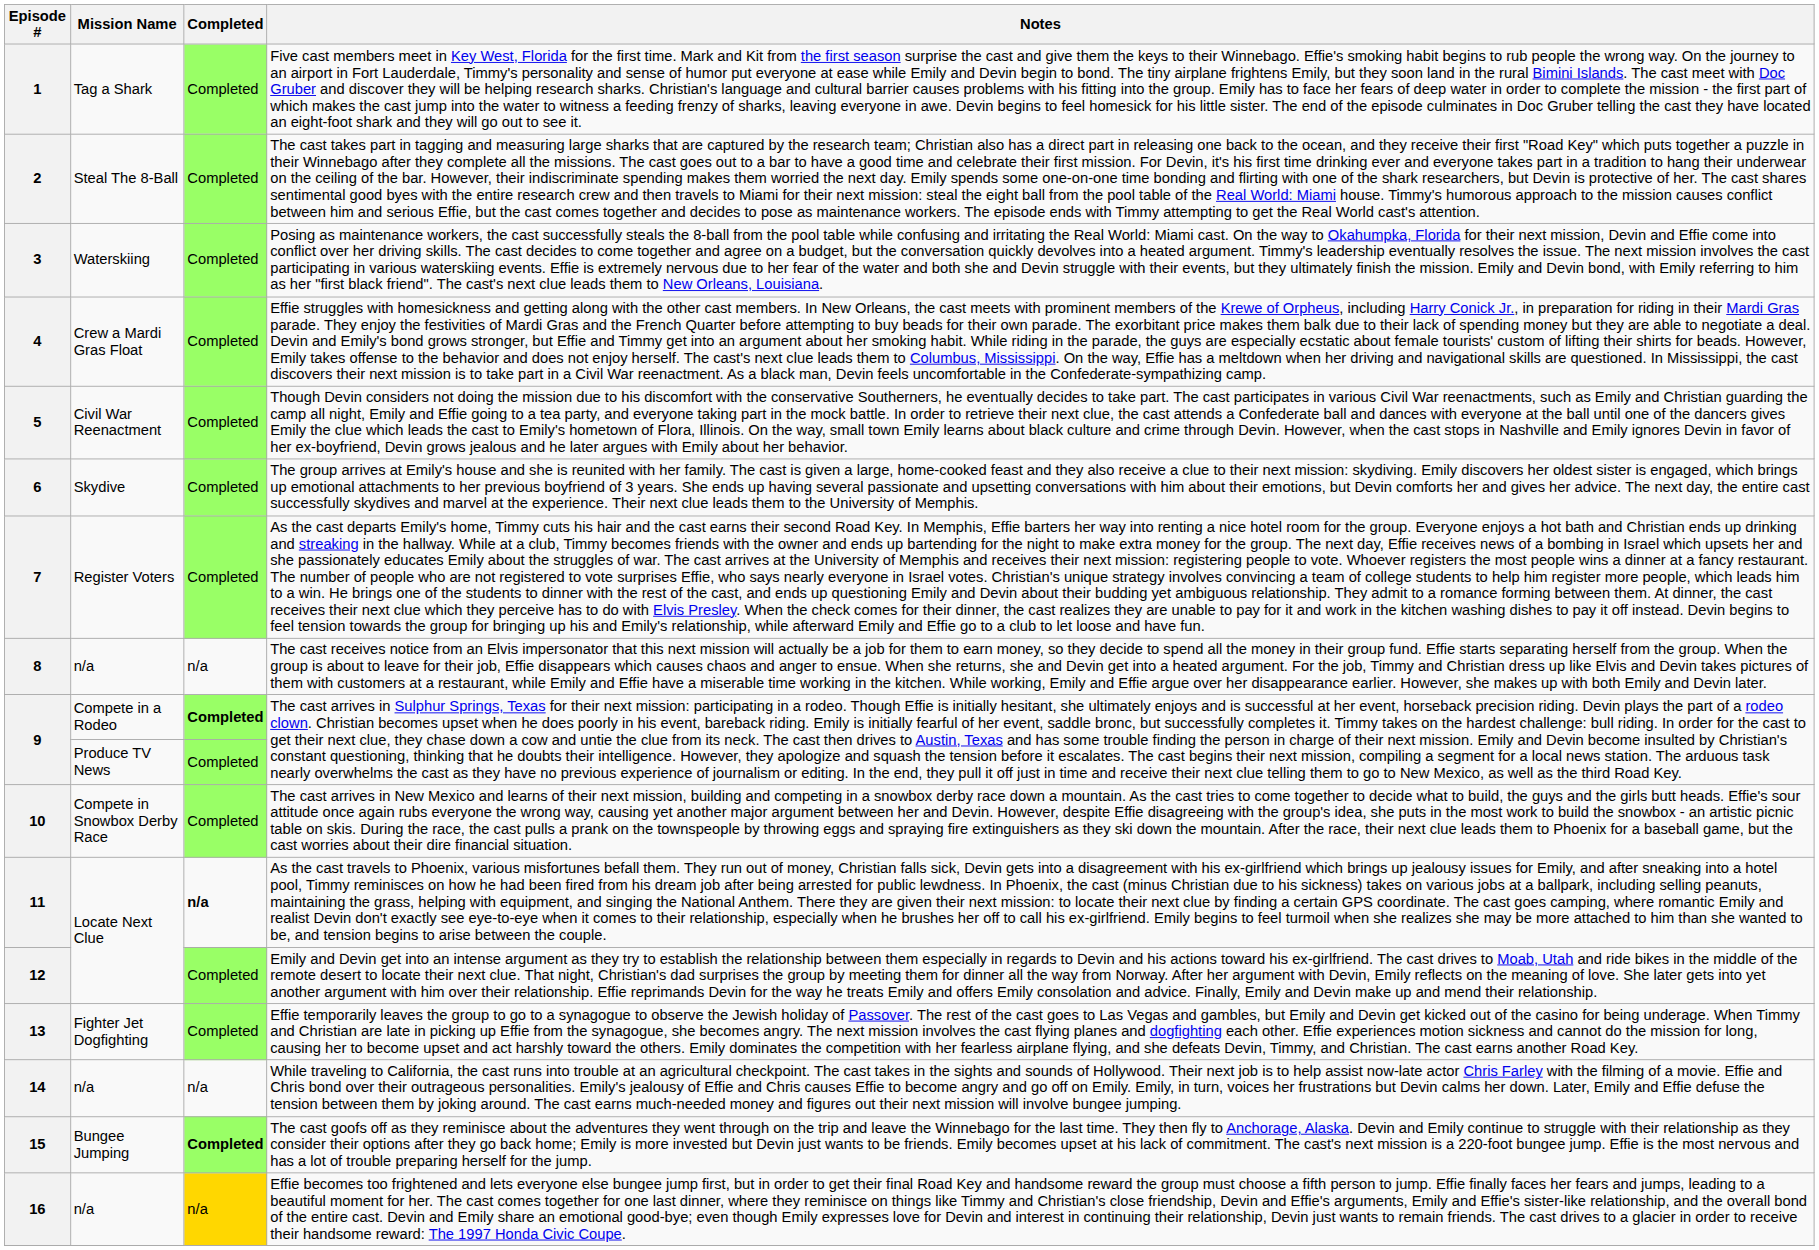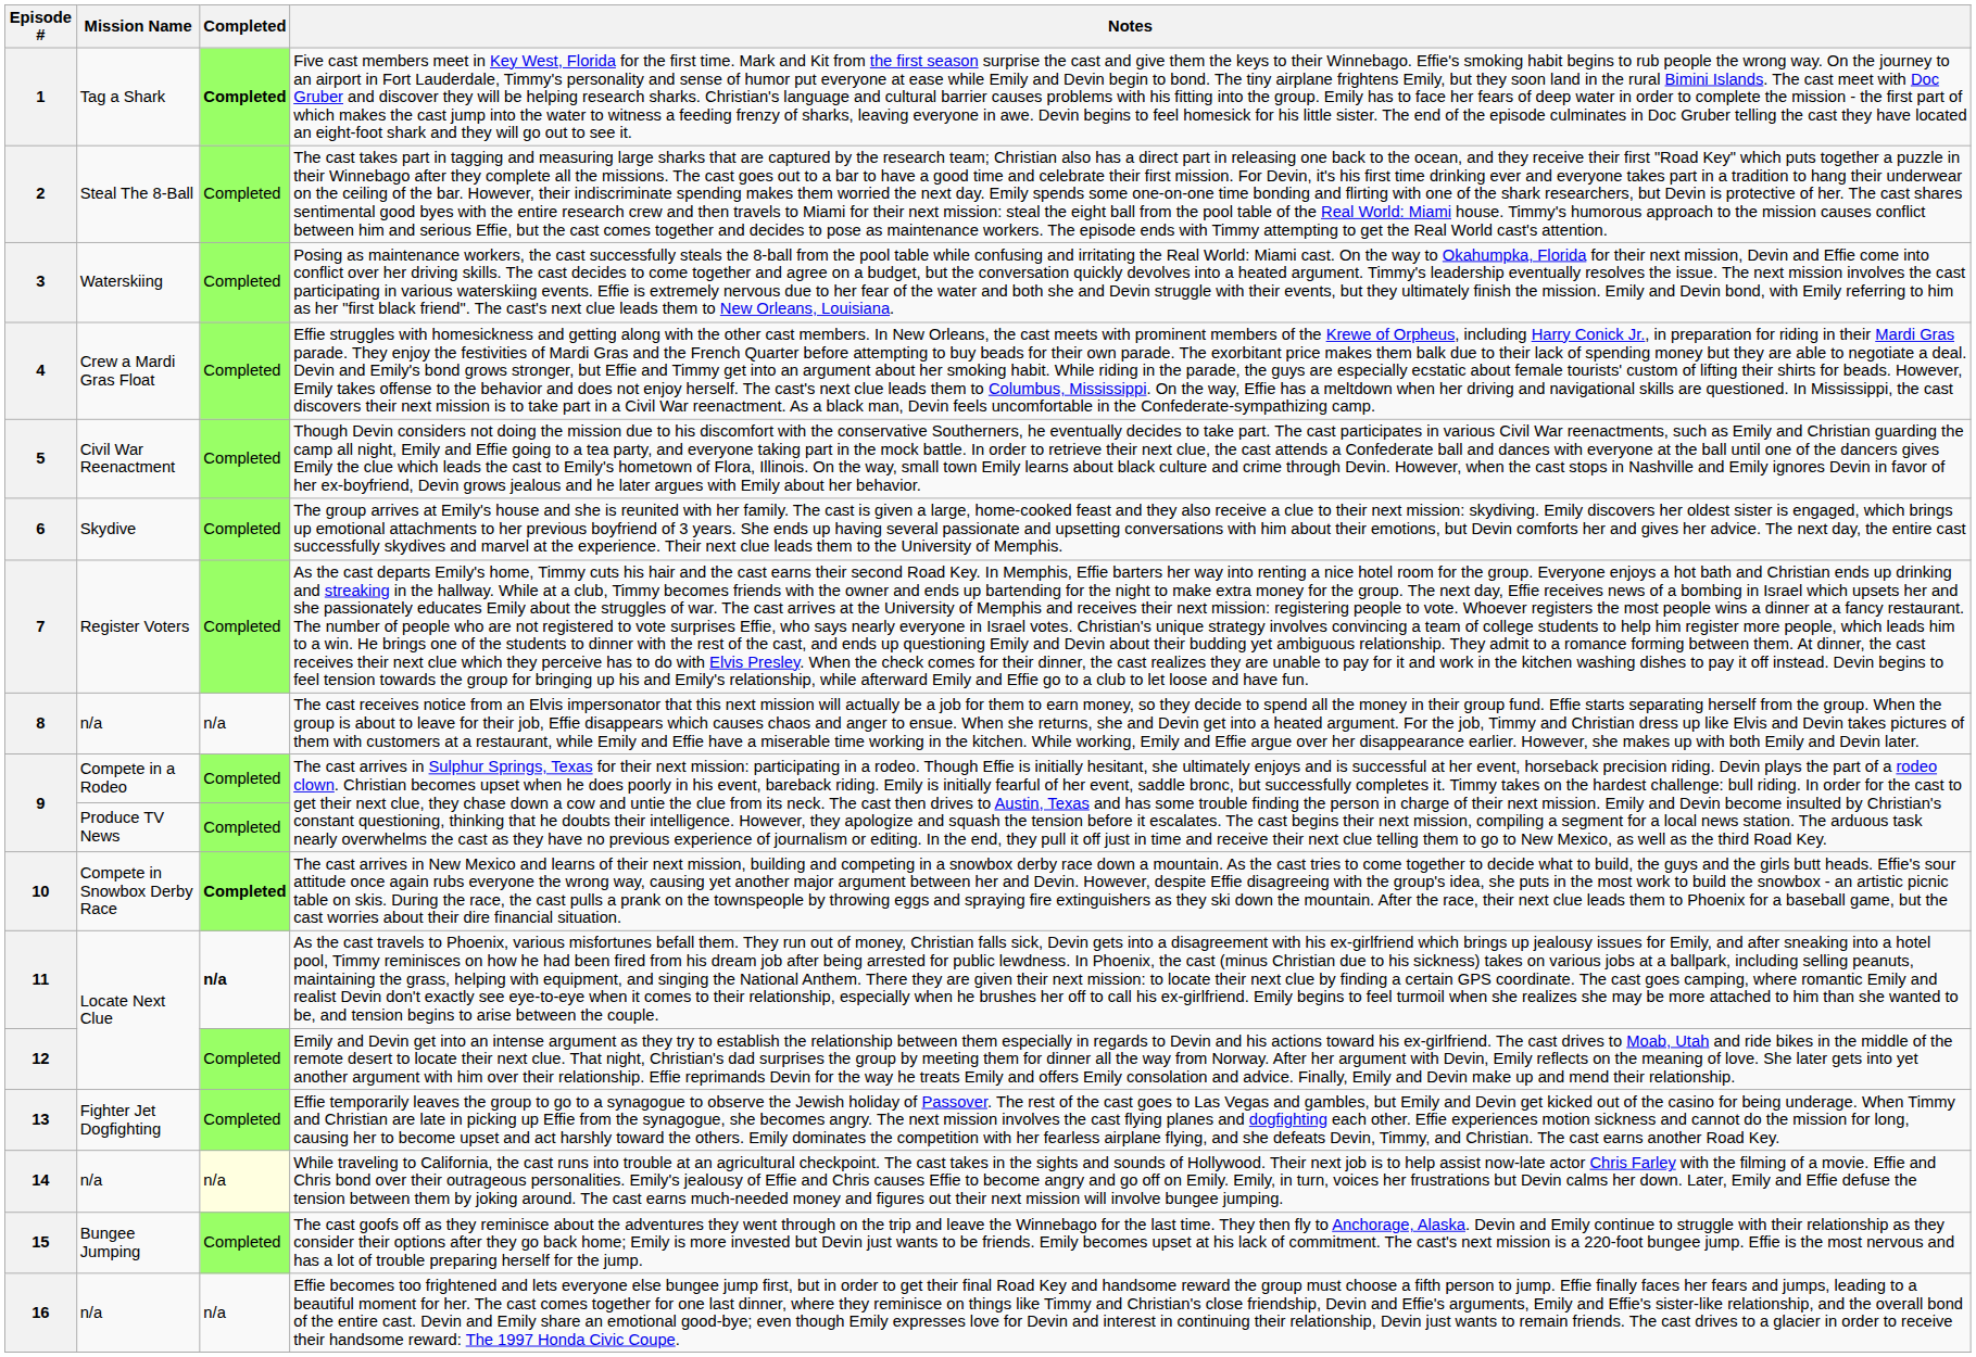 <table class="wikitable">
 <tr>
 <th>Episode #</th>
 <th>Mission Name</th>
 <th>Completed</th>
 <th>Notes</th>
 </tr>
 <tr>
 <th>1</th>
 <td>Tag a Shark</td>
-<td bgcolor="#99FF66">Completed</td>
+<td bgcolor="#99FF66"><strong>Completed</strong></td>
 <td>Five cast members meet in <a href='#'>Key West, Florida</a> for the first time. Mark and Kit from <a href='#'>the first season</a> surprise the cast and give them the keys to their Winnebago. Effie's smoking habit begins to rub people the wrong way. On the journey to an airport in Fort Lauderdale, Timmy's personality and sense of humor put everyone at ease while Emily and Devin begin to bond. The tiny airplane frightens Emily, but they soon land in the rural <a href='#'>Bimini Islands</a>. The cast meet with <a href='#'>Doc Gruber</a> and discover they will be helping research sharks. Christian's language and cultural barrier causes problems with his fitting into the group. Emily has to face her fears of deep water in order to complete the mission - the first part of which makes the cast jump into the water to witness a feeding frenzy of sharks, leaving everyone in awe. Devin begins to feel homesick for his little sister. The end of the episode culminates in Doc Gruber telling the cast they have located an eight-foot shark and they will go out to see it.</td>
 </tr>
 <tr>
 <th>2</th>
 <td>Steal The 8-Ball</td>
 <td bgcolor="#99FF66">Completed</td>
 <td>The cast takes part in tagging and measuring large sharks that are captured by the research team; Christian also has a direct part in releasing one back to the ocean, and they receive their first "Road Key" which puts together a puzzle in their Winnebago after they complete all the missions. The cast goes out to a bar to have a good time and celebrate their first mission. For Devin, it's his first time drinking ever and everyone takes part in a tradition to hang their underwear on the ceiling of the bar. However, their indiscriminate spending makes them worried the next day. Emily spends some one-on-one time bonding and flirting with one of the shark researchers, but Devin is protective of her. The cast shares sentimental good byes with the entire research crew and then travels to Miami for their next mission: steal the eight ball from the pool table of the <a href='#'>Real World: Miami</a> house. Timmy's humorous approach to the mission causes conflict between him and serious Effie, but the cast comes together and decides to pose as maintenance workers. The episode ends with Timmy attempting to get the Real World cast's attention.</td>
 </tr>
 <tr>
 <th>3</th>
 <td>Waterskiing</td>
 <td bgcolor="#99FF66">Completed</td>
 <td>Posing as maintenance workers, the cast successfully steals the 8-ball from the pool table while confusing and irritating the Real World: Miami cast. On the way to <a href='#'>Okahumpka, Florida</a> for their next mission, Devin and Effie come into conflict over her driving skills. The cast decides to come together and agree on a budget, but the conversation quickly devolves into a heated argument. Timmy's leadership eventually resolves the issue. The next mission involves the cast participating in various waterskiing events. Effie is extremely nervous due to her fear of the water and both she and Devin struggle with their events, but they ultimately finish the mission. Emily and Devin bond, with Emily referring to him as her "first black friend". The cast's next clue leads them to <a href='#'>New Orleans, Louisiana</a>.</td>
 </tr>
 <tr>
 <th>4</th>
 <td>Crew a Mardi Gras Float</td>
 <td bgcolor="#99FF66">Completed</td>
 <td>Effie struggles with homesickness and getting along with the other cast members. In New Orleans, the cast meets with prominent members of the <a href='#'>Krewe of Orpheus</a>, including <a href='#'>Harry Conick Jr.</a>, in preparation for riding in their <a href='#'>Mardi Gras</a> parade. They enjoy the festivities of Mardi  Gras and the French Quarter before attempting to buy beads for their own parade. The exorbitant price makes them balk due to their lack of spending money but they are able to negotiate a deal. Devin and Emily's bond grows stronger, but Effie and Timmy get into an argument about her smoking habit. While riding in the parade, the guys are especially ecstatic about female tourists' custom of lifting their shirts for beads. However, Emily takes offense to the behavior and does not enjoy herself. The cast's next clue leads them to <a href='#'>Columbus, Mississippi</a>. On the way, Effie has a meltdown when her driving and navigational skills are questioned. In Mississippi, the cast discovers their next mission is to take part in a Civil War reenactment. As a black man, Devin feels uncomfortable in the Confederate-sympathizing camp.</td>
 </tr>
 <tr>
 <th>5</th>
 <td>Civil War Reenactment</td>
 <td bgcolor="#99FF66">Completed</td>
 <td>Though Devin considers not doing the mission due to his discomfort with the conservative Southerners, he eventually decides to take part. The cast participates in various Civil War reenactments, such as Emily and Christian guarding the camp all night, Emily and Effie going to a tea party, and everyone taking part in the mock battle. In order to retrieve their next clue, the cast attends a Confederate ball and dances with everyone at the ball until one of the dancers gives Emily the clue which leads the cast to Emily's hometown of Flora, Illinois. On the way, small town Emily learns about black culture and crime through Devin. However, when the cast stops in Nashville and Emily ignores Devin in favor of her ex-boyfriend, Devin grows jealous and he later argues with Emily about her behavior.</td>
 </tr>
 <tr>
 <th>6</th>
 <td>Skydive</td>
 <td bgcolor="#99FF66">Completed</td>
 <td>The group arrives at Emily's house and she is reunited with her family. The cast is given a large, home-cooked feast and they also receive a clue to their next mission: skydiving. Emily discovers her oldest sister is engaged, which brings up emotional attachments to her previous boyfriend of 3 years. She ends up having several passionate and upsetting conversations with him about their emotions, but Devin comforts her and gives her advice. The next day, the entire cast successfully skydives and marvel at the experience. Their next clue leads them to the University of Memphis.</td>
 </tr>
 <tr>
 <th>7</th>
 <td>Register Voters</td>
 <td bgcolor="#99FF66">Completed</td>
 <td>As the cast departs Emily's home, Timmy cuts his hair and the cast earns their second Road Key. In Memphis, Effie barters her way into renting a nice hotel room for the group. Everyone enjoys a hot bath and Christian ends up drinking and <a href='#'>streaking</a> in the hallway. While at a club, Timmy becomes friends with the owner and ends up bartending for the night to make extra money for the group. The next day, Effie receives news of a bombing in Israel which upsets her and she passionately educates Emily about the struggles of war. The cast arrives at the University of Memphis and receives their next mission: registering people to vote. Whoever registers the most people wins a dinner at a fancy restaurant. The  number of people who are not registered to vote surprises Effie, who says nearly everyone in Israel votes. Christian's unique strategy involves convincing a team of college students to help him register more people, which leads him to a win. He brings one of the students to dinner with the rest of the cast, and ends up questioning Emily and Devin about their budding yet ambiguous relationship. They admit to a romance forming between them. At dinner, the cast receives their next clue which they perceive has to do with <a href='#'>Elvis Presley</a>. When the check comes for their dinner, the cast realizes they are unable to pay for it and work in the kitchen washing dishes to pay it off instead. Devin begins to feel tension towards the group for bringing up his and Emily's relationship, while afterward Emily and Effie go to a club to let loose and have fun.</td>
 </tr>
 <tr>
 <th>8</th>
 <td>n/a</td>
 <td>n/a</td>
 <td>The cast receives notice from an Elvis impersonator that this next mission will actually be a job for them to earn money, so they decide to spend all the money in their group fund. Effie starts separating herself from the group. When the group is about to leave for their job, Effie disappears which causes chaos and anger to ensue. When she returns, she and Devin get into a heated argument. For the job, Timmy and Christian dress up like Elvis and Devin takes pictures of them with customers at a restaurant, while Emily and Effie have a miserable time working in the kitchen. While working, Emily and Effie argue over her disappearance earlier. However, she makes up with both Emily and Devin later.</td>
 </tr>
 <tr>
 <th rowspan="2">9</th>
 <td>Compete in a Rodeo</td>
-<td bgcolor="#99FF66"><strong>Completed</strong></td>
+<td bgcolor="#99FF66">Completed</td>
 <td rowspan="2">The cast arrives in <a href='#'>Sulphur Springs, Texas</a> for their next mission: participating in a rodeo. Though Effie is initially hesitant, she ultimately enjoys and is successful at her event, horseback precision riding. Devin plays the part of a <a href='#'>rodeo clown</a>. Christian becomes upset when he does poorly in his event, bareback riding. Emily is initially fearful of her event, saddle bronc, but successfully completes it. Timmy takes on the hardest challenge: bull riding. In order for the cast to get their next clue, they chase down a cow and untie the clue from its neck. The cast then drives to <a href='#'>Austin, Texas</a> and has some trouble finding the person in charge of their next mission. Emily and Devin become insulted by Christian's constant questioning, thinking that he doubts their intelligence. However, they apologize and squash the tension before it escalates. The cast begins their next mission, compiling a segment for a local news station. The arduous task nearly overwhelms the cast as they have no previous experience of journalism or editing. In the end, they pull it off just in time and receive their next clue telling them to go to New Mexico, as well as the third Road Key.</td>
 </tr>
 <tr>
 <td>Produce TV News</td>
 <td bgcolor="#99FF66">Completed</td>
 </tr>
 <tr>
 <th>10</th>
 <td>Compete in Snowbox Derby Race</td>
-<td bgcolor="#99FF66">Completed</td>
+<td bgcolor="#99FF66"><strong>Completed</strong></td>
 <td>The cast arrives in New Mexico and learns of their next mission, building and competing in a snowbox derby race down a mountain. As the cast tries to come together to decide what to build, the guys and the girls butt heads. Effie's sour attitude once again rubs everyone the wrong way, causing yet another major argument between her and Devin. However, despite Effie disagreeing with the group's idea, she puts in the most work to build the snowbox - an artistic picnic table on skis. During the race, the cast pulls a prank on the townspeople by throwing eggs and spraying fire extinguishers as they ski down the mountain. After the race, their next clue leads them to Phoenix for a baseball game, but the cast worries about their dire financial situation.</td>
 </tr>
 <tr>
 <th>11</th>
 <td rowspan="2">Locate Next Clue</td>
 <td><strong>n/a</strong></td>
 <td>As the cast travels to Phoenix, various misfortunes befall them. They run out of money, Christian falls sick, Devin gets into a disagreement with his ex-girlfriend which brings up jealousy issues for Emily, and after sneaking into a hotel pool, Timmy reminisces on how he had been fired from his dream job after being arrested for public lewdness. In Phoenix, the cast (minus Christian due to his sickness) takes on various jobs at a ballpark, including selling peanuts, maintaining the grass, helping with equipment, and singing the National Anthem. There they are given their next mission: to locate their next clue by finding a certain GPS coordinate. The cast goes camping, where romantic Emily and realist Devin don't exactly see eye-to-eye when it comes to their relationship, especially when he brushes her off to call his ex-girlfriend. Emily begins to feel turmoil when she realizes she may be more attached to him than she wanted to be, and tension begins to arise between the couple.</td>
 </tr>
 <tr>
 <th>12</th>
 <td bgcolor="#99FF66">Completed</td>
 <td>Emily and Devin get into an intense argument as they try to establish the relationship between them especially in regards to Devin and his actions toward his ex-girlfriend. The cast drives to <a href='#'>Moab, Utah</a> and ride bikes in the middle of the remote desert to locate their next clue. That night, Christian's dad surprises the group by meeting them for dinner all the way from Norway. After her argument with Devin, Emily reflects on the meaning of love. She later gets into yet another argument with him over their relationship. Effie reprimands Devin for the way he treats Emily and offers Emily consolation and advice. Finally, Emily and Devin make up and mend their relationship.</td>
 </tr>
 <tr>
 <th>13</th>
 <td>Fighter Jet Dogfighting</td>
 <td bgcolor="#99FF66">Completed</td>
 <td>Effie temporarily leaves the group to go to a synagogue to observe the Jewish holiday of <a href='#'>Passover</a>. The rest of the cast goes to Las Vegas and gambles, but Emily and Devin get kicked out of the casino for being underage. When Timmy and Christian are late in picking up Effie from the synagogue, she becomes angry. The next mission involves the cast flying planes and <a href='#'>dogfighting</a> each other. Effie experiences motion sickness and cannot do the mission for long, causing her to become upset and act harshly toward the others. Emily dominates the competition with her fearless airplane flying, and she defeats Devin, Timmy, and Christian. The cast earns another Road Key.</td>
 </tr>
 <tr>
 <th>14</th>
 <td>n/a</td>
-<td>n/a</td>
+<td style="background: lightyellow;">n/a</td>
 <td>While traveling to California, the cast runs into trouble at an agricultural checkpoint. The cast takes in the sights and sounds of Hollywood. Their next job is to help assist now-late actor <a href='#'>Chris Farley</a> with the filming of a movie. Effie and Chris bond over their outrageous personalities. Emily's jealousy of Effie and Chris causes Effie to become angry and go off on Emily. Emily, in turn, voices her frustrations but Devin calms her down. Later, Emily and Effie defuse the tension between them by joking around. The cast earns much-needed money and figures out their next mission will involve bungee jumping.</td>
 </tr>
 <tr>
 <th>15</th>
 <td>Bungee Jumping</td>
-<td bgcolor="#99FF66"><strong>Completed</strong></td>
+<td bgcolor="#99FF66">Completed</td>
 <td>The cast goofs off as they reminisce about the adventures they went through on the trip and leave the Winnebago for the last time. They then fly to <a href='#'>Anchorage, Alaska</a>. Devin and Emily continue to struggle with their relationship as they consider their options after they go back home; Emily is more invested but Devin just wants to be friends. Emily becomes upset at his lack of commitment. The cast's next mission is a 220-foot bungee jump. Effie is the most nervous and has a lot of trouble preparing herself for the jump.</td>
 </tr>
 <tr>
 <th>16</th>
 <td>n/a</td>
-<td style="background: gold;">n/a</td>
+<td>n/a</td>
 <td>Effie becomes too frightened and lets everyone else bungee jump first, but in order to get their final Road Key and handsome reward the group must choose a fifth person to jump. Effie finally faces her fears and jumps, leading to a beautiful moment for her. The cast comes together for one last dinner, where they reminisce on things like Timmy and Christian's close friendship, Devin and Effie's arguments, Emily and Effie's sister-like relationship, and the overall bond of the entire cast. Devin and Emily share an emotional good-bye; even though Emily expresses love for Devin and interest in continuing their relationship, Devin just wants to remain friends. The cast drives to a glacier in order to receive their handsome reward: <a href='#'>The 1997 Honda Civic Coupe</a>.</td>
 </tr>
 <tr>
 </tr>
 </table>
